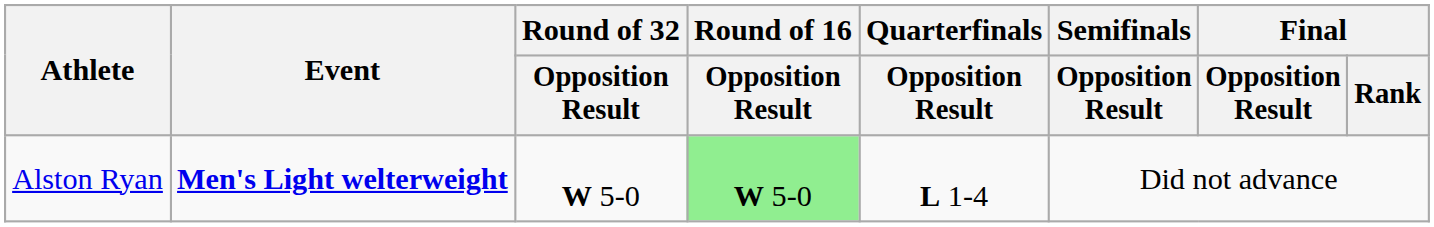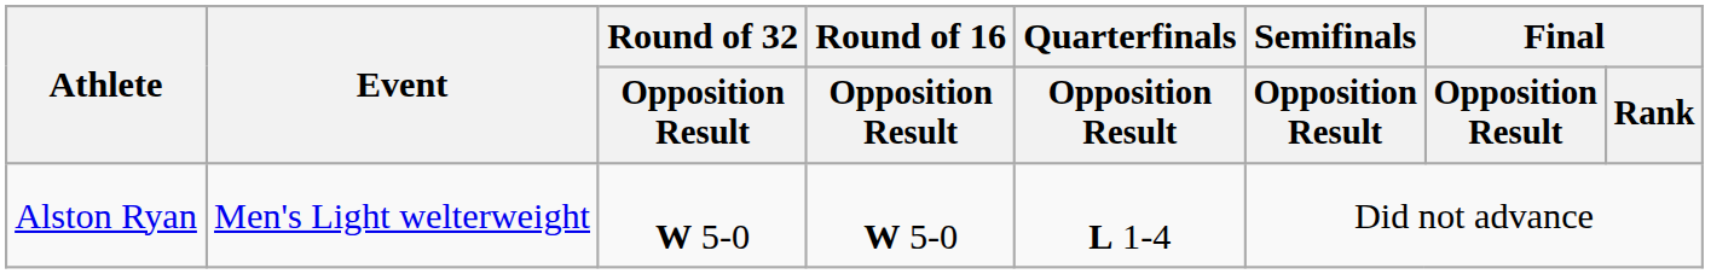 <table class="wikitable" style="font-size:90%; text-align:center">
 <tr>
 <th rowspan=2>Athlete</th>
 <th rowspan=2>Event</th>
 <th>Round of 32</th>
 <th>Round of 16</th>
 <th>Quarterfinals</th>
 <th>Semifinals</th>
 <th colspan=2>Final</th>
 </tr>
 <tr style="font-size:95%">
 <th>Opposition<br>Result</th>
 <th>Opposition<br>Result</th>
 <th>Opposition<br>Result</th>
 <th>Opposition<br>Result</th>
 <th>Opposition<br>Result</th>
 <th>Rank</th>
 </tr>
 <tr>
 <td align=left><a href='#'>Alston Ryan</a></td>
-<td align=left><strong><a href='#'>Men's Light welterweight</a></strong></td>
+<td align=left><a href='#'>Men's Light welterweight</a></td>
 <td><br><strong>W</strong> 5-0</td>
-<td style="background: lightgreen;"><br><strong>W</strong> 5-0</td>
+<td><br><strong>W</strong> 5-0</td>
 <td><br><strong>L</strong> 1-4</td>
 <td colspan="3">Did not advance</td>
 </tr>
 </table>
